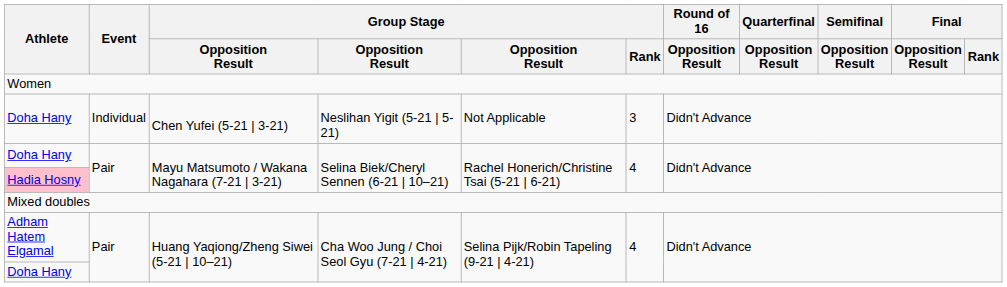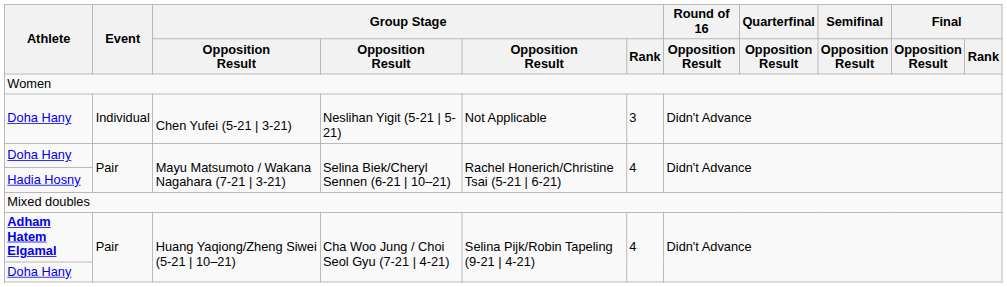 <table class="wikitable">
 <tr>
 <th rowspan="2">Athlete</th>
 <th rowspan="2">Event</th>
 <th colspan="4">Group Stage</th>
 <th>Round of 16</th>
 <th>Quarterfinal</th>
 <th>Semifinal</th>
 <th colspan="2">Final</th>
 </tr>
 <tr>
 <th>Opposition<br>Result</th>
 <th>Opposition<br>Result</th>
 <th>Opposition<br>Result</th>
 <th>Rank</th>
 <th>Opposition<br>Result</th>
 <th>Opposition<br>Result</th>
 <th>Opposition<br>Result</th>
 <th>Opposition<br>Result</th>
 <th>Rank</th>
 </tr>
 <tr>
 <td colspan="11">Women</td>
 </tr>
 <tr>
 <td><a href='#'>Doha Hany</a></td>
 <td>Individual</td>
 <td><br>Chen Yufei (5-21 | 3-21)</td>
 <td><br>Neslihan Yigit (5-21 | 5-21)</td>
 <td>Not Applicable</td>
 <td>3</td>
 <td colspan="5">Didn't Advance</td>
 </tr>
 <tr>
 <td><a href='#'>Doha Hany</a></td>
 <td rowspan="2">Pair</td>
 <td rowspan="2"><br>Mayu Matsumoto / Wakana Nagahara (7-21 | 3-21)</td>
 <td rowspan="2"><br>Selina Biek/Cheryl Sennen (6-21 | 10–21)</td>
 <td rowspan="2"><br>Rachel Honerich/Christine Tsai (5-21 | 6-21)</td>
 <td rowspan="2">4</td>
 <td colspan="5" rowspan="2">Didn't Advance</td>
 </tr>
 <tr>
-<td style="background: pink;"><a href='#'>Hadia Hosny</a></td>
+<td><a href='#'>Hadia Hosny</a></td>
 </tr>
 <tr>
 <td colspan="11">Mixed doubles</td>
 </tr>
 <tr>
-<td><a href='#'>Adham Hatem Elgamal</a></td>
+<td><strong><a href='#'>Adham Hatem Elgamal</a></strong></td>
 <td rowspan="2">Pair</td>
 <td rowspan="2"><br>Huang Yaqiong/Zheng Siwei (5-21 | 10–21)</td>
 <td rowspan="2"><br>Cha Woo Jung / Choi Seol Gyu (7-21 | 4-21)</td>
 <td rowspan="2"><br>Selina Pijk/Robin Tapeling (9-21 | 4-21)</td>
 <td rowspan="2">4</td>
 <td colspan="5" rowspan="2">Didn't Advance</td>
 </tr>
 <tr>
 <td><a href='#'>Doha Hany</a></td>
 </tr>
 </table>
